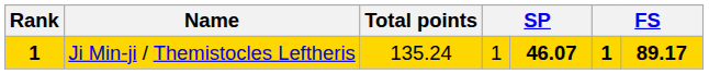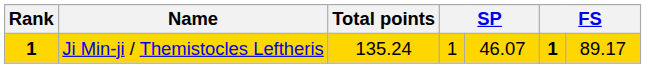 <table class="wikitable sortable">
 <tr>
 <th>Rank</th>
 <th>Name</th>
 <th>Total points</th>
 <th colspan="2" width="80px"><a href='#'>SP</a></th>
 <th colspan="2" width="80px"><a href='#'>FS</a></th>
 </tr>
 <tr bgcolor="gold">
 <td align="center"><strong>1</strong></td>
 <td><a href='#'>Ji Min-ji</a> / <a href='#'>Themistocles Leftheris</a></td>
 <td align="center">135.24</td>
 <td align="center">1</td>
-<td align="center"><strong>46.07</strong></td>
+<td align="center">46.07</td>
 <td align="center"><strong>1</strong></td>
-<td align="center"><strong>89.17</strong></td>
+<td align="center">89.17</td>
 </tr>
 </table>
